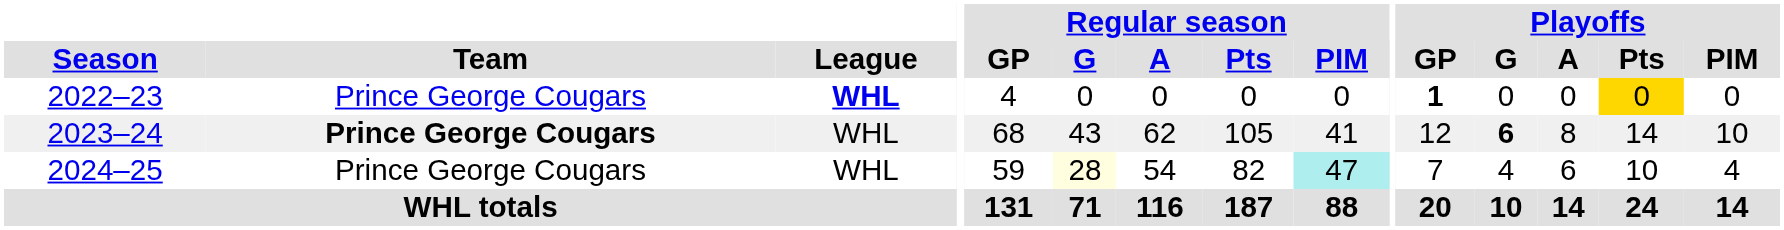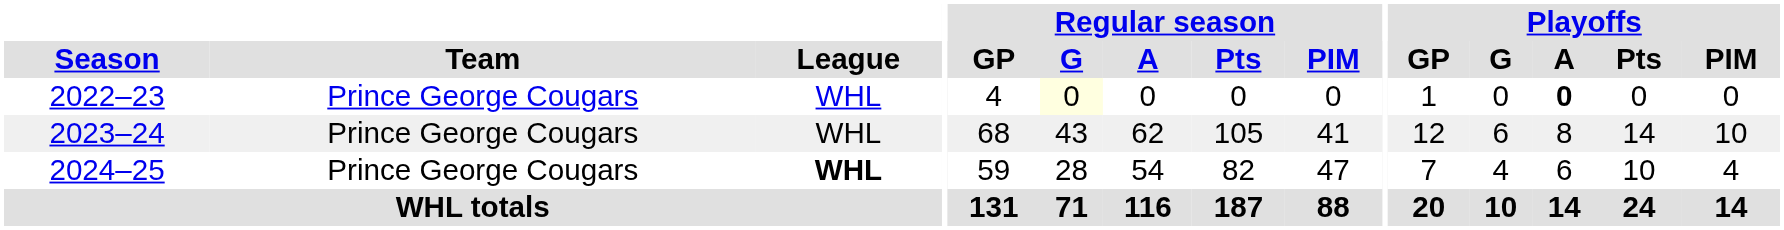 <table border="0" cellpadding="1" cellspacing="0" style="text-align:center; width:60em;">
 <tr bgcolor="#e0e0e0">
 <th colspan="3" bgcolor="#ffffff"></th>
 <th rowspan="94" bgcolor="#ffffff"></th>
 <th colspan="5"><a href='#'>Regular season</a></th>
 <th rowspan="94" bgcolor="#ffffff"></th>
 <th colspan="5"><a href='#'>Playoffs</a></th>
 </tr>
 <tr bgcolor="#e0e0e0">
 <th><a href='#'>Season</a></th>
 <th>Team</th>
 <th>League</th>
 <th>GP</th>
 <th><a href='#'>G</a></th>
 <th><a href='#'>A</a></th>
 <th><a href='#'>Pts</a></th>
 <th><a href='#'>PIM</a></th>
 <th>GP</th>
 <th>G</th>
 <th>A</th>
 <th>Pts</th>
 <th>PIM</th>
 </tr>
 <tr>
 <td><a href='#'>2022–23</a></td>
 <td><a href='#'>Prince George Cougars</a></td>
-<td><strong><a href='#'>WHL</a></strong></td>
+<td><a href='#'>WHL</a></td>
 <td>4</td>
+<td style="background: lightyellow;">0</td>
 <td>0</td>
 <td>0</td>
 <td>0</td>
+<td>1</td>
 <td>0</td>
-<td><strong>1</strong></td>
+<td><strong>0</strong></td>
 <td>0</td>
-<td>0</td>
-<td style="background: gold;">0</td>
 <td>0</td>
 </tr>
 <tr bgcolor="f0f0f0">
 <td><a href='#'>2023–24</a></td>
-<td><strong>Prince George Cougars</strong></td>
+<td>Prince George Cougars</td>
 <td>WHL</td>
 <td>68</td>
 <td>43</td>
 <td>62</td>
 <td>105</td>
 <td>41</td>
 <td>12</td>
-<td><strong>6</strong></td>
+<td>6</td>
 <td>8</td>
 <td>14</td>
 <td>10</td>
 </tr>
 <tr>
 <td><a href='#'>2024–25</a></td>
 <td>Prince George Cougars</td>
-<td>WHL</td>
+<td><strong>WHL</strong></td>
 <td>59</td>
-<td style="background: lightyellow;">28</td>
+<td>28</td>
 <td>54</td>
 <td>82</td>
-<td style="background: paleturquoise;">47</td>
+<td>47</td>
 <td>7</td>
 <td>4</td>
 <td>6</td>
 <td>10</td>
 <td>4</td>
 </tr>
 <tr bgcolor="#e0e0e0">
 <th colspan="3">WHL totals</th>
 <th>131</th>
 <th>71</th>
 <th>116</th>
 <th>187</th>
 <th>88</th>
 <th>20</th>
 <th>10</th>
 <th>14</th>
 <th>24</th>
 <th>14</th>
 </tr>
 </table>
